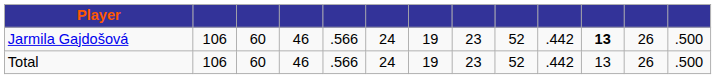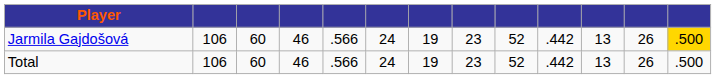 <table class="wikitable" style="text-align:center">
 <tr>
 <th style="background:#333399; color:#FF5800" width="200px">Player</th>
 <th style="background:#333399; color:#FF5800" width="40px"></th>
 <th style="background:#333399; color:#FF5800" width="40px"></th>
 <th style="background:#333399; color:#FF5800" width="40px"></th>
 <th style="background:#333399; color:#FF5800" width="40px"></th>
 <th style="background:#333399; color:#FF5800" width="40px"></th>
 <th style="background:#333399; color:#FF5800" width="40px"></th>
 <th style="background:#333399; color:#FF5800" width="40px"></th>
 <th style="background:#333399; color:#FF5800" width="40px"></th>
 <th style="background:#333399; color:#FF5800" width="40px"></th>
 <th style="background:#333399; color:#FF5800" width="40px"></th>
 <th style="background:#333399; color:#FF5800" width="40px"></th>
 <th style="background:#333399; color:#FF5800" width="40px"></th>
 </tr>
 <tr>
 <td style="text-align:left"><a href='#'>Jarmila Gajdošová</a></td>
 <td>106</td>
 <td>60</td>
 <td>46</td>
 <td>.566</td>
 <td>24</td>
 <td>19</td>
 <td>23</td>
 <td>52</td>
 <td>.442</td>
-<td><strong>13</strong></td>
+<td>13</td>
 <td>26</td>
-<td>.500</td>
+<td style="background: gold;">.500</td>
 </tr>
 <tr>
 <td style="text-align:left">Total</td>
 <td>106</td>
 <td>60</td>
 <td>46</td>
 <td>.566</td>
 <td>24</td>
 <td>19</td>
 <td>23</td>
 <td>52</td>
 <td>.442</td>
 <td>13</td>
 <td>26</td>
 <td>.500</td>
 </tr>
 </table>
